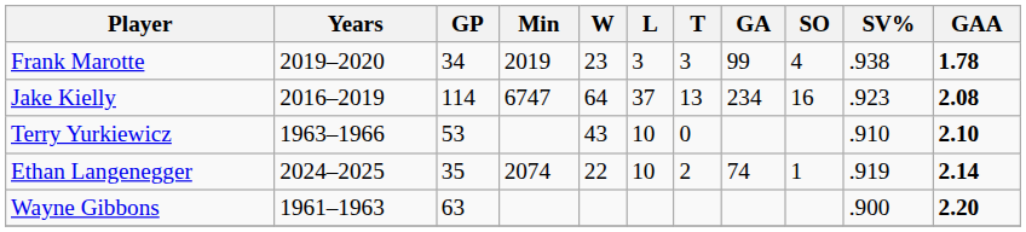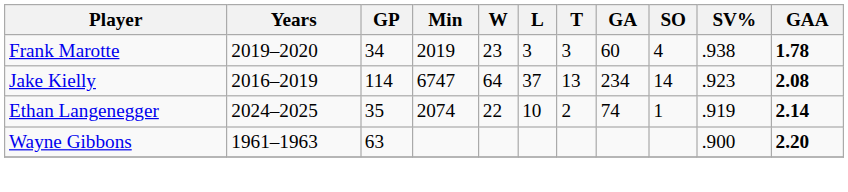 <table class="wikitable sortable" width ="700">
 <tr>
 <th>Player</th>
 <th>Years</th>
 <th>GP</th>
 <th>Min</th>
 <th>W</th>
 <th>L</th>
 <th>T</th>
 <th>GA</th>
 <th>SO</th>
 <th>SV%</th>
 <th>GAA</th>
 </tr>
 <tr>
 <td><a href='#'>Frank Marotte</a></td>
 <td>2019–2020</td>
 <td>34</td>
 <td>2019</td>
 <td>23</td>
 <td>3</td>
 <td>3</td>
-<td>99</td>
+<td>60</td>
 <td>4</td>
 <td>.938</td>
 <td><strong>1.78</strong></td>
 </tr>
 <tr>
 <td><a href='#'>Jake Kielly</a></td>
 <td>2016–2019</td>
 <td>114</td>
 <td>6747</td>
 <td>64</td>
 <td>37</td>
 <td>13</td>
 <td>234</td>
-<td>16</td>
+<td>14</td>
 <td>.923</td>
 <td><strong>2.08</strong></td>
-</tr>
-<tr>
-<td><a href='#'>Terry Yurkiewicz</a></td>
-<td>1963–1966</td>
-<td>53</td>
-<td></td>
-<td>43</td>
-<td>10</td>
-<td>0</td>
-<td></td>
-<td></td>
-<td>.910</td>
-<td><strong>2.10</strong></td>
 </tr>
 <tr>
 <td><a href='#'>Ethan Langenegger</a></td>
 <td>2024–2025</td>
 <td>35</td>
 <td>2074</td>
 <td>22</td>
 <td>10</td>
 <td>2</td>
 <td>74</td>
 <td>1</td>
 <td>.919</td>
 <td><strong>2.14</strong></td>
 </tr>
 <tr>
 <td><a href='#'>Wayne Gibbons</a></td>
 <td>1961–1963</td>
 <td>63</td>
 <td></td>
 <td></td>
 <td></td>
 <td></td>
 <td></td>
 <td></td>
 <td>.900</td>
 <td><strong>2.20</strong></td>
 </tr>
 <tr>
 </tr>
 </table>
